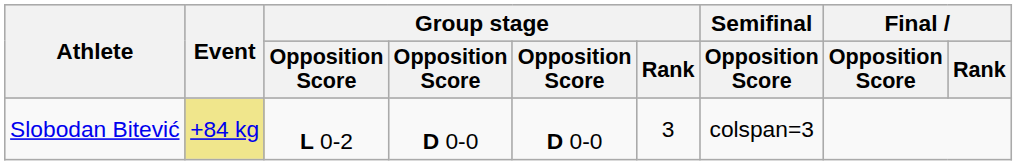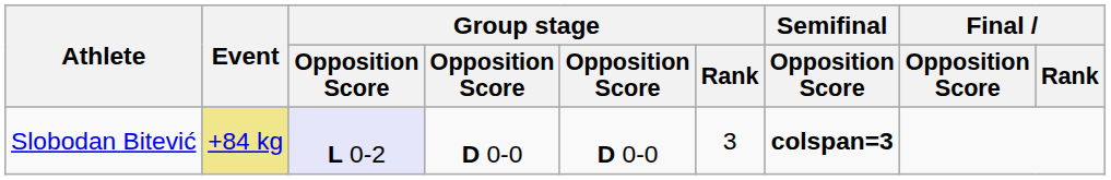 <table class="wikitable" style="font-size:90%">
 <tr>
 <th rowspan="2">Athlete</th>
 <th rowspan="2">Event</th>
 <th colspan="4">Group stage</th>
 <th>Semifinal</th>
 <th colspan=2>Final / </th>
 </tr>
 <tr style="font-size:95%">
 <th>Opposition <br> Score</th>
 <th>Opposition <br> Score</th>
 <th>Opposition <br> Score</th>
 <th>Rank</th>
 <th>Opposition <br> Score</th>
 <th>Opposition <br> Score</th>
 <th>Rank</th>
 </tr>
 <tr align=center>
 <td align=left><a href='#'>Slobodan Bitević</a></td>
 <td align=left style="background: khaki;"><a href='#'>+84 kg</a></td>
-<td><br><strong>L</strong> 0-2</td>
+<td style="background: lavender;"><br><strong>L</strong> 0-2</td>
 <td><br><strong>D</strong> 0-0</td>
 <td><br><strong>D</strong> 0-0</td>
 <td>3</td>
-<td>colspan=3 </td>
+<td><strong>colspan=3 </strong></td>
 </tr>
 </table>
